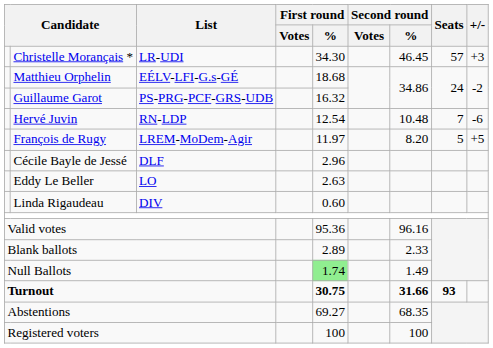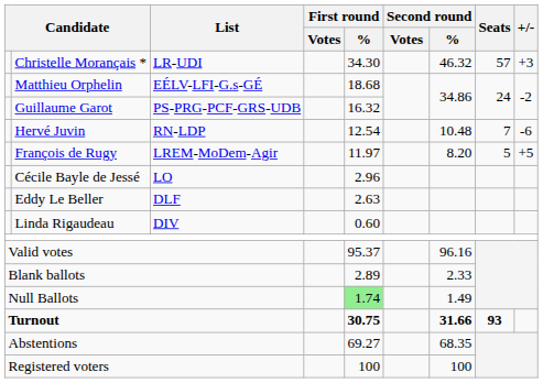 <table class="wikitable centre" style="text-align:right;">
 <tr>
 <th rowspan=2 colspan=2 scope=col>Candidate</th>
 <th rowspan=2 scope=col>List</th>
 <th colspan=2 scope=col>First round</th>
 <th colspan=2 scope=col>Second round</th>
 <th rowspan=2 scope=col>Seats</th>
 <th rowspan=2 scope=col>+/-</th>
 </tr>
 <tr>
 <th scope=col>Votes</th>
 <th scope=col>%</th>
 <th scope=col>Votes</th>
 <th scope=col>%</th>
 </tr>
 <tr>
 <td style="color:inherit;background:"></td>
 <td align="left"><a href='#'>Christelle Morançais</a> *</td>
 <td align="left"><a href='#'>LR</a>-<a href='#'>UDI</a></td>
 <td></td>
 <td>34.30</td>
 <td></td>
-<td>46.45</td>
+<td>46.32</td>
 <td>57</td>
 <td align="center">+3</td>
 </tr>
 <tr>
 <td style="color:inherit;background:"></td>
 <td align="left"><a href='#'>Matthieu Orphelin</a></td>
 <td align="left"><a href='#'>EÉLV</a>-<a href='#'>LFI</a>-<a href='#'>G.s</a>-<a href='#'>GÉ</a></td>
 <td></td>
 <td>18.68</td>
 <td rowspan="2"></td>
 <td rowspan="2">34.86</td>
 <td rowspan="2">24</td>
 <td rowspan="2" align="center">-2</td>
 </tr>
 <tr>
 <td style="color:inherit;background:"></td>
 <td align="left"><a href='#'>Guillaume Garot</a></td>
 <td align="left"><a href='#'>PS</a>-<a href='#'>PRG</a>-<a href='#'>PCF</a>-<a href='#'>GRS</a>-<a href='#'>UDB</a></td>
 <td></td>
 <td>16.32</td>
 </tr>
 <tr>
 <td style="color:inherit;background:"></td>
 <td align="left"><a href='#'>Hervé Juvin</a></td>
 <td align="left"><a href='#'>RN</a>-<a href='#'>LDP</a></td>
 <td></td>
 <td>12.54</td>
 <td></td>
 <td>10.48</td>
 <td>7</td>
 <td align="center">-6</td>
 </tr>
 <tr>
 <td style="color:inherit;background:"></td>
 <td align="left"><a href='#'>François de Rugy</a></td>
 <td align="left"><a href='#'>LREM</a>-<a href='#'>MoDem</a>-<a href='#'>Agir</a></td>
 <td></td>
 <td>11.97</td>
 <td></td>
 <td>8.20</td>
 <td>5</td>
 <td align="center">+5</td>
 </tr>
 <tr>
 <td style="color:inherit;background:"></td>
 <td align="left">Cécile Bayle de Jessé</td>
-<td align="left"><a href='#'>DLF</a></td>
+<td align="left"><a href='#'>LO</a></td>
 <td></td>
 <td>2.96</td>
 <td></td>
 <td></td>
 <td></td>
 <td align="center"></td>
 </tr>
 <tr>
 <td style="color:inherit;background:"></td>
 <td align="left">Eddy Le Beller</td>
-<td align="left"><a href='#'>LO</a></td>
+<td align="left"><a href='#'>DLF</a></td>
 <td></td>
 <td>2.63</td>
 <td></td>
 <td></td>
 <td></td>
 <td align="center"></td>
 </tr>
 <tr>
 <td style="color:inherit;background:"></td>
 <td align="left">Linda Rigaudeau</td>
 <td align="left"><a href='#'>DIV</a></td>
 <td></td>
 <td>0.60</td>
 <td></td>
 <td></td>
 <td></td>
 <td align="center"></td>
 </tr>
 <tr style="background:white;">
 <td colspan=9></td>
 </tr>
 <tr>
 <td colspan=3 style="text-align:left;">Valid votes</td>
 <td></td>
-<td>95.36</td>
+<td>95.37</td>
 <td></td>
 <td>96.16</td>
 <td colspan="2" rowspan="3" bgcolor=#F4F4F4></td>
 </tr>
 <tr>
 <td colspan=3 style="text-align:left;">Blank ballots</td>
 <td></td>
 <td>2.89</td>
 <td></td>
 <td>2.33</td>
 </tr>
 <tr>
 <td colspan=3 style="text-align:left;">Null Ballots</td>
 <td></td>
 <td style="background: lightgreen;">1.74</td>
 <td></td>
 <td>1.49</td>
 </tr>
 <tr style="font-weight:bold;">
 <td colspan=3 style="text-align:left;">Turnout</td>
 <td></td>
 <td>30.75</td>
 <td></td>
 <td>31.66</td>
 <td align=center>93</td>
 <td align=center></td>
 </tr>
 <tr>
 <td colspan=3 style="text-align:left;">Abstentions</td>
 <td></td>
 <td>69.27</td>
 <td></td>
 <td>68.35</td>
 <td colspan="2" rowspan="2" bgcolor=#F4F4F4></td>
 </tr>
 <tr>
 <td colspan=3 style="text-align:left;">Registered voters</td>
 <td></td>
 <td>100</td>
 <td></td>
 <td>100</td>
 </tr>
 </table>
